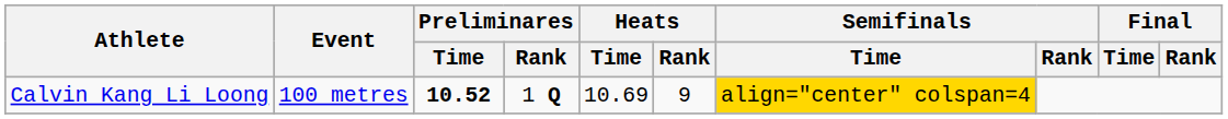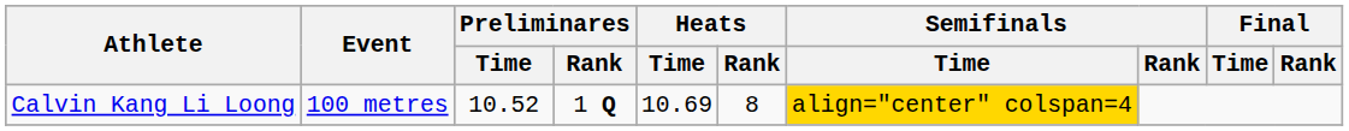 <table class=wikitable style="font-size:90%;">
 <tr>
 <th rowspan=2>Athlete</th>
 <th rowspan=2>Event</th>
 <th colspan=2>Preliminares</th>
 <th colspan=2>Heats</th>
 <th colspan=2>Semifinals</th>
 <th colspan=2>Final</th>
 </tr>
 <tr>
 <th>Time</th>
 <th>Rank</th>
 <th>Time</th>
 <th>Rank</th>
 <th>Time</th>
 <th>Rank</th>
 <th>Time</th>
 <th>Rank</th>
 </tr>
 <tr>
 <td><a href='#'>Calvin Kang Li Loong</a></td>
 <td><a href='#'>100 metres</a></td>
-<td align="center"><strong>10.52</strong></td>
+<td align="center">10.52</td>
 <td align="center">1 <strong>Q</strong></td>
 <td align="center">10.69</td>
-<td align="center">9</td>
+<td align="center">8</td>
 <td style="background: gold;">align="center" colspan=4 </td>
 </tr>
 </table>
